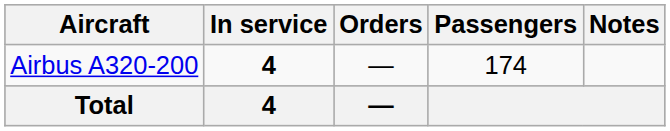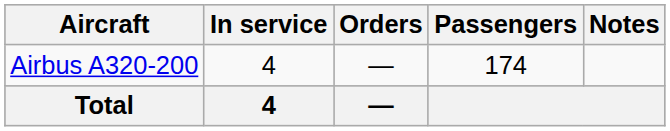 <table class="wikitable" style="text-align:center; margin: auto;">
 <tr>
 <th>Aircraft</th>
 <th>In service</th>
 <th>Orders</th>
 <th>Passengers</th>
 <th>Notes</th>
 </tr>
 <tr>
 <td><a href='#'>Airbus A320-200</a></td>
-<td><strong>4</strong></td>
+<td>4</td>
 <td>—</td>
 <td>174</td>
 <td></td>
 </tr>
 <tr>
 <th>Total</th>
 <th>4</th>
 <th>—</th>
 <th colspan="2"></th>
 </tr>
 </table>
